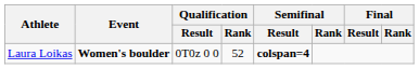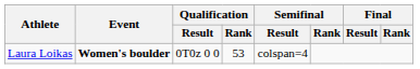 <table class=wikitable style=font-size:90% align=center>
 <tr>
 <th rowspan=2>Athlete</th>
 <th rowspan=2>Event</th>
 <th colspan=2>Qualification</th>
 <th colspan=2>Semifinal</th>
 <th colspan=2>Final</th>
 </tr>
 <tr style=font-size:95%>
 <th>Result</th>
 <th>Rank</th>
 <th>Result</th>
 <th>Rank</th>
 <th>Result</th>
 <th>Rank</th>
 </tr>
 <tr align=center>
 <td align=left><a href='#'>Laura Loikas</a></td>
 <td><strong>Women's boulder</strong></td>
 <td>0T0z 0 0</td>
-<td>52</td>
-<td><strong>colspan=4 </strong></td>
+<td>53</td>
+<td>colspan=4 </td>
 </tr>
 </table>
